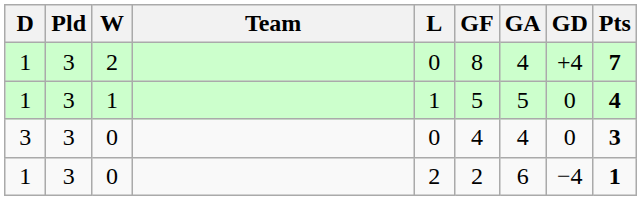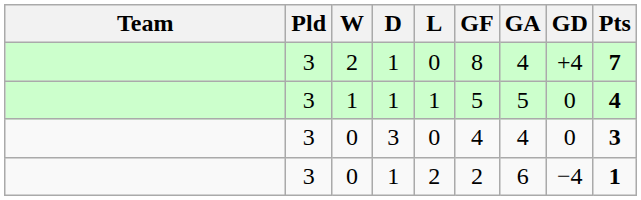 <table class="wikitable" style="text-align:center;">
 <tr>
-<th width=20>D</th>
+<th width=180>Team</th>
 <th width=20>Pld</th>
 <th width=20>W</th>
-<th width=180>Team</th>
+<th width=20>D</th>
 <th width=20>L</th>
 <th width=20>GF</th>
 <th width=20>GA</th>
 <th width=20>GD</th>
 <th width=20>Pts</th>
 </tr>
 <tr align=center bgcolor="ccffcc">
-<td>1</td>
+<td style="text-align:left;"></td>
 <td>3</td>
 <td>2</td>
-<td style="text-align:left;"></td>
+<td>1</td>
 <td>0</td>
 <td>8</td>
 <td>4</td>
 <td>+4</td>
 <td><strong>7</strong></td>
 </tr>
 <tr align=center bgcolor="ccffcc">
-<td>1</td>
+<td style="text-align:left;"></td>
 <td>3</td>
 <td>1</td>
-<td style="text-align:left;"></td>
+<td>1</td>
 <td>1</td>
 <td>5</td>
 <td>5</td>
 <td>0</td>
 <td><strong>4</strong></td>
 </tr>
 <tr align=center>
-<td>3</td>
+<td style="text-align:left;"></td>
 <td>3</td>
 <td>0</td>
-<td style="text-align:left;"></td>
+<td>3</td>
 <td>0</td>
 <td>4</td>
 <td>4</td>
 <td>0</td>
 <td><strong>3</strong></td>
 </tr>
 <tr align=center>
-<td>1</td>
+<td style="text-align:left;"></td>
 <td>3</td>
 <td>0</td>
-<td style="text-align:left;"></td>
+<td>1</td>
 <td>2</td>
 <td>2</td>
 <td>6</td>
 <td>−4</td>
 <td><strong>1</strong></td>
 </tr>
 </table>
